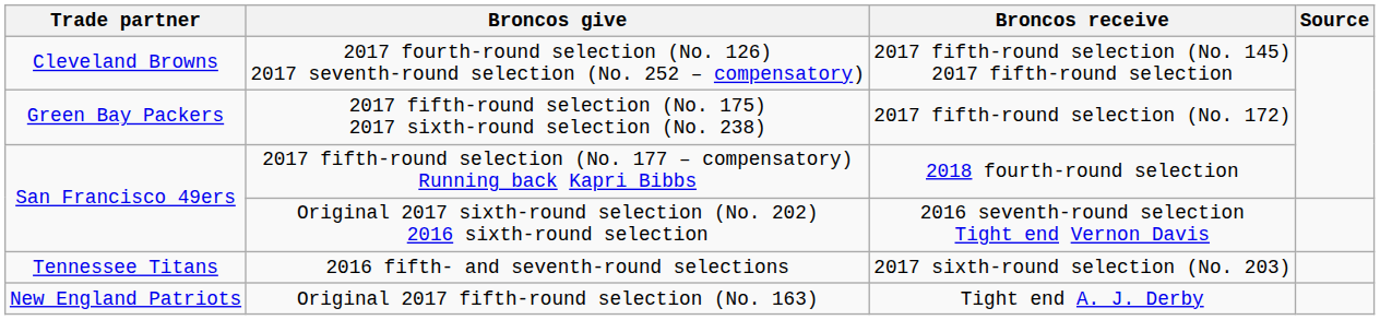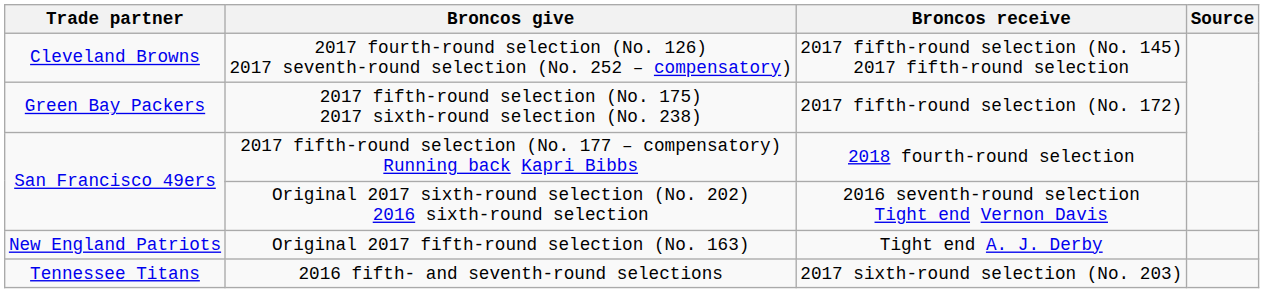 <table class="wikitable" style="text-align:center">
 <tr>
 <th>Trade partner</th>
 <th>Broncos give</th>
 <th>Broncos receive</th>
 <th>Source</th>
 </tr>
 <tr>
 <td><a href='#'>Cleveland Browns</a></td>
 <td>2017 fourth-round selection (No. 126)<br>2017 seventh-round selection (No. 252 – <a href='#'>compensatory</a>)</td>
 <td>2017 fifth-round selection (No. 145)<br>2017 fifth-round selection </td>
 <td rowspan=3></td>
 </tr>
 <tr>
 <td><a href='#'>Green Bay Packers</a></td>
 <td>2017 fifth-round selection (No. 175)<br>2017 sixth-round selection (No. 238)</td>
 <td>2017 fifth-round selection (No. 172)</td>
 </tr>
 <tr>
 <td rowspan=2><a href='#'>San Francisco 49ers</a></td>
 <td>2017 fifth-round selection (No. 177 – compensatory)<br><a href='#'>Running back</a> <a href='#'>Kapri Bibbs</a></td>
 <td><a href='#'>2018</a> fourth-round selection</td>
 </tr>
 <tr>
 <td>Original 2017 sixth-round selection (No. 202)<br><a href='#'>2016</a> sixth-round selection</td>
 <td>2016 seventh-round selection<br><a href='#'>Tight end</a> <a href='#'>Vernon Davis</a></td>
 <td></td>
 </tr>
 <tr>
+<td><a href='#'>New England Patriots</a></td>
+<td>Original 2017 fifth-round selection (No. 163)</td>
+<td>Tight end <a href='#'>A. J. Derby</a></td>
+<td></td>
+</tr>
+<tr>
 <td><a href='#'>Tennessee Titans</a></td>
 <td>2016 fifth- and seventh-round selections</td>
 <td>2017 sixth-round selection (No. 203)</td>
 <td></td>
 </tr>
-<tr>
-<td><a href='#'>New England Patriots</a></td>
-<td>Original 2017 fifth-round selection (No. 163)</td>
-<td>Tight end <a href='#'>A. J. Derby</a></td>
-<td></td>
-</tr>
 </table>
